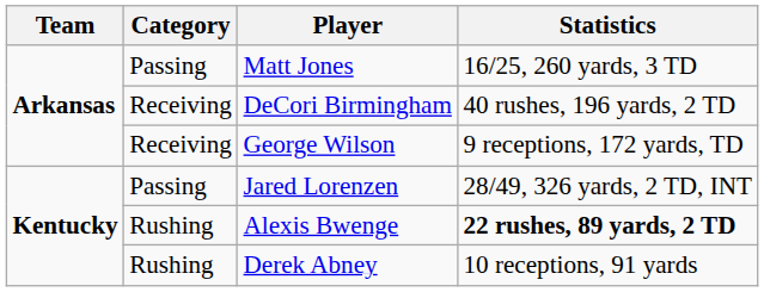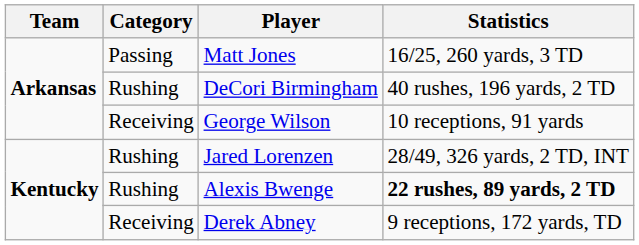 <table class="wikitable" style="float: right;">
 <tr>
 <th>Team</th>
 <th>Category</th>
 <th>Player</th>
 <th>Statistics</th>
 </tr>
 <tr>
 <td rowspan=3><strong>Arkansas</strong></td>
 <td>Passing</td>
 <td><a href='#'>Matt Jones</a></td>
 <td>16/25, 260 yards, 3 TD</td>
 </tr>
 <tr>
-<td>Receiving</td>
+<td>Rushing</td>
 <td><a href='#'>DeCori Birmingham</a></td>
 <td>40 rushes, 196 yards, 2 TD</td>
 </tr>
 <tr>
 <td>Receiving</td>
 <td><a href='#'>George Wilson</a></td>
-<td>9 receptions, 172 yards, TD</td>
+<td>10 receptions, 91 yards</td>
 </tr>
 <tr>
 <td rowspan=3><strong>Kentucky</strong></td>
-<td>Passing</td>
+<td>Rushing</td>
 <td><a href='#'>Jared Lorenzen</a></td>
 <td>28/49, 326 yards, 2 TD, INT</td>
 </tr>
 <tr>
 <td>Rushing</td>
 <td><a href='#'>Alexis Bwenge</a></td>
 <td><strong>22 rushes, 89 yards, 2 TD</strong></td>
 </tr>
 <tr>
-<td>Rushing</td>
+<td>Receiving</td>
 <td><a href='#'>Derek Abney</a></td>
-<td>10 receptions, 91 yards</td>
+<td>9 receptions, 172 yards, TD</td>
 </tr>
 </table>
